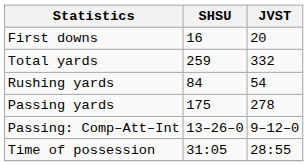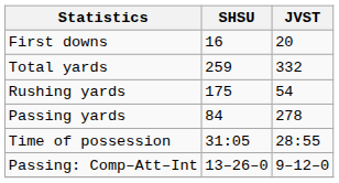 <table class="wikitable" style="float: left;">
 <tr>
 <th>Statistics</th>
 <th>SHSU</th>
 <th>JVST</th>
 </tr>
 <tr>
 <td>First downs</td>
 <td>16</td>
 <td>20</td>
 </tr>
 <tr>
 <td>Total yards</td>
 <td>259</td>
 <td>332</td>
 </tr>
 <tr>
 <td>Rushing yards</td>
-<td>84</td>
+<td>175</td>
 <td>54</td>
 </tr>
 <tr>
 <td>Passing yards</td>
-<td>175</td>
+<td>84</td>
 <td>278</td>
+</tr>
+<tr>
+<td>Time of possession</td>
+<td>31:05</td>
+<td>28:55</td>
 </tr>
 <tr>
 <td>Passing: Comp–Att–Int</td>
 <td>13–26–0</td>
 <td>9–12–0</td>
 </tr>
 <tr>
-<td>Time of possession</td>
-<td>31:05</td>
-<td>28:55</td>
-</tr>
-<tr>
 </tr>
 </table>
